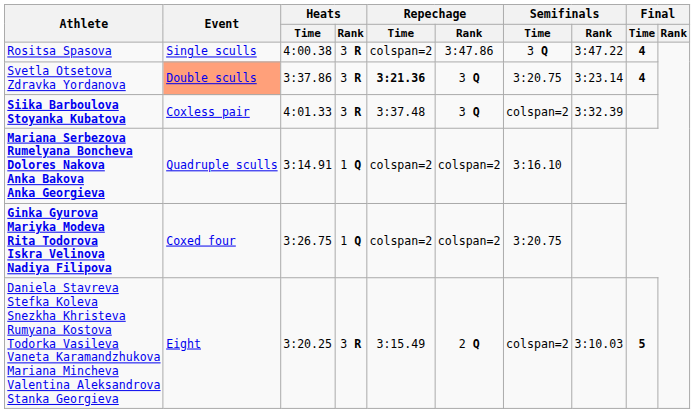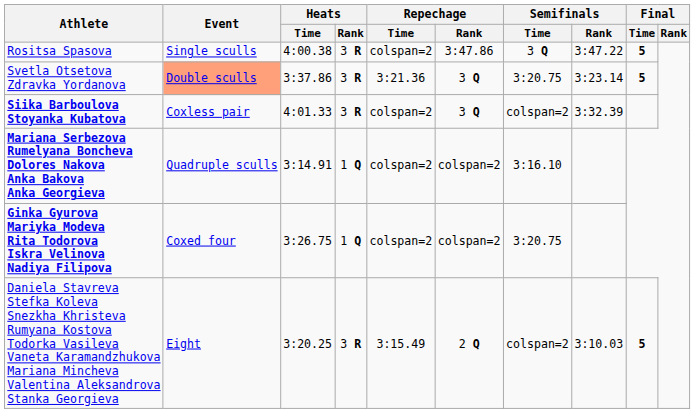 <table class="wikitable" style="font-size:90%; text-align:center;">
 <tr>
 <th rowspan="2">Athlete</th>
 <th rowspan="2">Event</th>
 <th colspan="2">Heats</th>
 <th colspan="2">Repechage</th>
 <th colspan="2">Semifinals</th>
 <th colspan="2">Final</th>
 </tr>
 <tr style="font-size:95%">
 <th>Time</th>
 <th>Rank</th>
 <th>Time</th>
 <th>Rank</th>
 <th>Time</th>
 <th>Rank</th>
 <th>Time</th>
 <th>Rank</th>
 </tr>
 <tr>
 <td align=left><a href='#'>Rositsa Spasova</a></td>
 <td align=left><a href='#'>Single sculls</a></td>
 <td>4:00.38</td>
 <td>3 <strong>R</strong></td>
 <td>colspan=2 </td>
 <td>3:47.86</td>
 <td>3 <strong>Q</strong></td>
 <td>3:47.22</td>
-<td><strong>4</strong></td>
+<td><strong>5</strong></td>
 </tr>
 <tr>
 <td align=left><a href='#'>Svetla Otsetova</a><br><a href='#'>Zdravka Yordanova</a></td>
 <td align=left style="background: lightsalmon;"><a href='#'>Double sculls</a></td>
 <td>3:37.86</td>
 <td>3 <strong>R</strong></td>
-<td><strong>3:21.36</strong></td>
+<td>3:21.36</td>
 <td>3 <strong>Q</strong></td>
 <td>3:20.75</td>
 <td>3:23.14</td>
-<td><strong>4</strong></td>
+<td><strong>5</strong></td>
 </tr>
 <tr>
 <td align=left><strong><a href='#'>Siika Barboulova</a><br><a href='#'>Stoyanka Kubatova</a></strong></td>
 <td align=left><a href='#'>Coxless pair</a></td>
 <td>4:01.33</td>
 <td>3 <strong>R</strong></td>
-<td>3:37.48</td>
+<td>colspan=2 </td>
 <td>3 <strong>Q</strong></td>
 <td>colspan=2 </td>
 <td>3:32.39</td>
 <td></td>
 </tr>
 <tr>
 <td align=left><strong><a href='#'>Mariana Serbezova</a><br><a href='#'>Rumelyana Boncheva</a> <br><a href='#'>Dolores Nakova</a> <br><a href='#'>Anka Bakova</a><br><a href='#'>Anka Georgieva</a></strong></td>
 <td align=left><a href='#'>Quadruple sculls</a></td>
 <td>3:14.91</td>
 <td>1 <strong>Q</strong></td>
 <td>colspan=2 </td>
 <td>colspan=2 </td>
 <td>3:16.10</td>
 <td></td>
 </tr>
 <tr>
 <td align=left><strong><a href='#'>Ginka Gyurova</a><br><a href='#'>Mariyka Modeva</a><br><a href='#'>Rita Todorova</a><br><a href='#'>Iskra Velinova</a> <br><a href='#'>Nadiya Filipova</a></strong></td>
 <td align=left><a href='#'>Coxed four</a></td>
 <td>3:26.75</td>
 <td>1 <strong>Q</strong></td>
 <td>colspan=2 </td>
 <td>colspan=2 </td>
 <td>3:20.75</td>
 <td></td>
 </tr>
 <tr>
 <td align=left><a href='#'>Daniela Stavreva</a><br><a href='#'>Stefka Koleva</a><br><a href='#'>Snezkha Khristeva</a> <br><a href='#'>Rumyana Kostova</a> <br><a href='#'>Todorka Vasileva</a><br><a href='#'>Vaneta Karamandzhukova</a><br><a href='#'>Mariana Mincheva</a> <br><a href='#'>Valentina Aleksandrova</a> <br><a href='#'>Stanka Georgieva</a></td>
 <td align=left><a href='#'>Eight</a></td>
 <td>3:20.25</td>
 <td>3 <strong>R</strong></td>
 <td>3:15.49</td>
 <td>2 <strong>Q</strong></td>
 <td>colspan=2 </td>
 <td>3:10.03</td>
 <td><strong>5</strong></td>
 </tr>
 </table>
